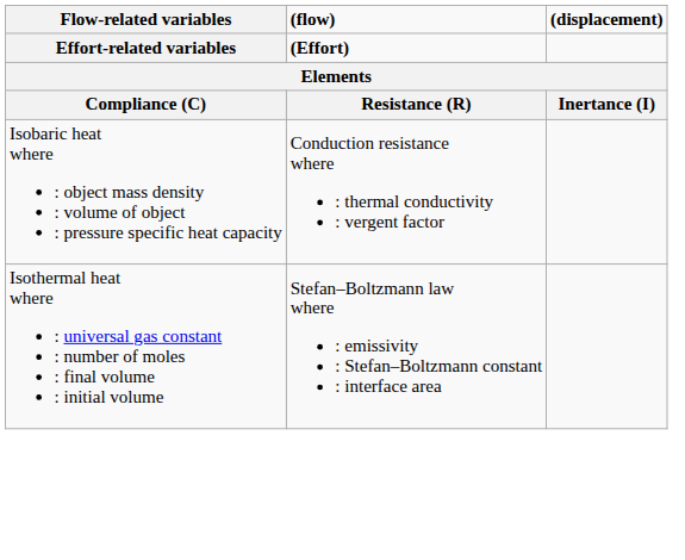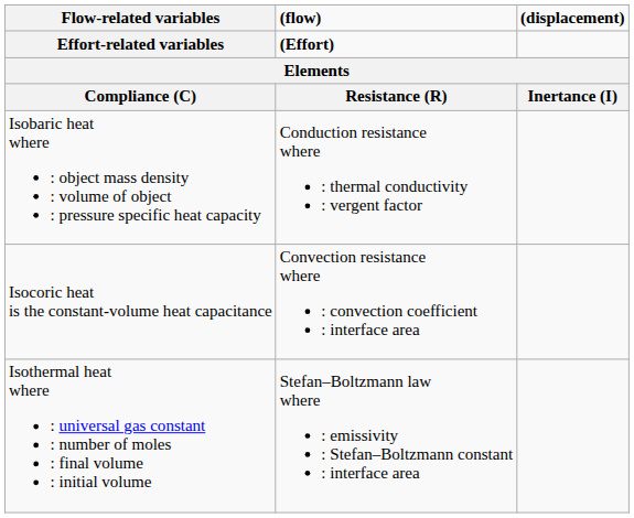 <table class="wikitable">
 <tr>
 <th>Flow-related variables</th>
 <td> <strong>(flow)</strong></td>
 <td> <strong>(displacement)</strong></td>
 </tr>
 <tr>
 <th>Effort-related variables</th>
 <td> <strong>(Effort)</strong></td>
 <td></td>
 </tr>
 <tr>
 <th colspan="3">Elements</th>
 </tr>
 <tr>
 <th>Compliance (C)</th>
 <th>Resistance (R)</th>
 <th>Inertance (I)</th>
 </tr>
 <tr>
 <td>Isobaric heat<br> where<ul><li>: object mass density</li><li>: volume of object</li><li>: pressure specific heat capacity</li></ul></td>
 <td>Conduction resistance<br> where<ul><li>: thermal conductivity</li><li>: vergent factor</li></ul></td>
 <td></td>
 </tr>
 <tr>
+<td>Isocoric heat<br> is the constant-volume heat capacitance</td>
+<td>Convection resistance<br> where<ul><li>: convection coefficient</li><li>: interface area</li></ul></td>
+<td></td>
+</tr>
+<tr>
 <td>Isothermal heat<br> where<ul><li>: <a href='#'>universal gas constant</a></li><li>: number of moles</li><li>: final volume</li><li>: initial volume</li></ul></td>
 <td>Stefan–Boltzmann law<br> where<ul><li>: emissivity</li><li>: Stefan–Boltzmann constant</li><li>: interface area</li></ul></td>
 <td></td>
 </tr>
 </table>
